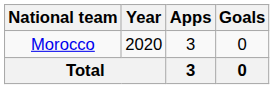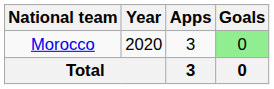 <table class="wikitable" style="text-align:center">
 <tr>
 <th>National team</th>
 <th>Year</th>
 <th>Apps</th>
 <th>Goals</th>
 </tr>
 <tr>
 <td rowspan="1"><a href='#'>Morocco</a></td>
 <td>2020</td>
 <td>3</td>
-<td>0</td>
+<td style="background: lightgreen;">0</td>
 </tr>
 <tr>
 <th colspan="2">Total</th>
 <th>3</th>
 <th>0</th>
 </tr>
 </table>
